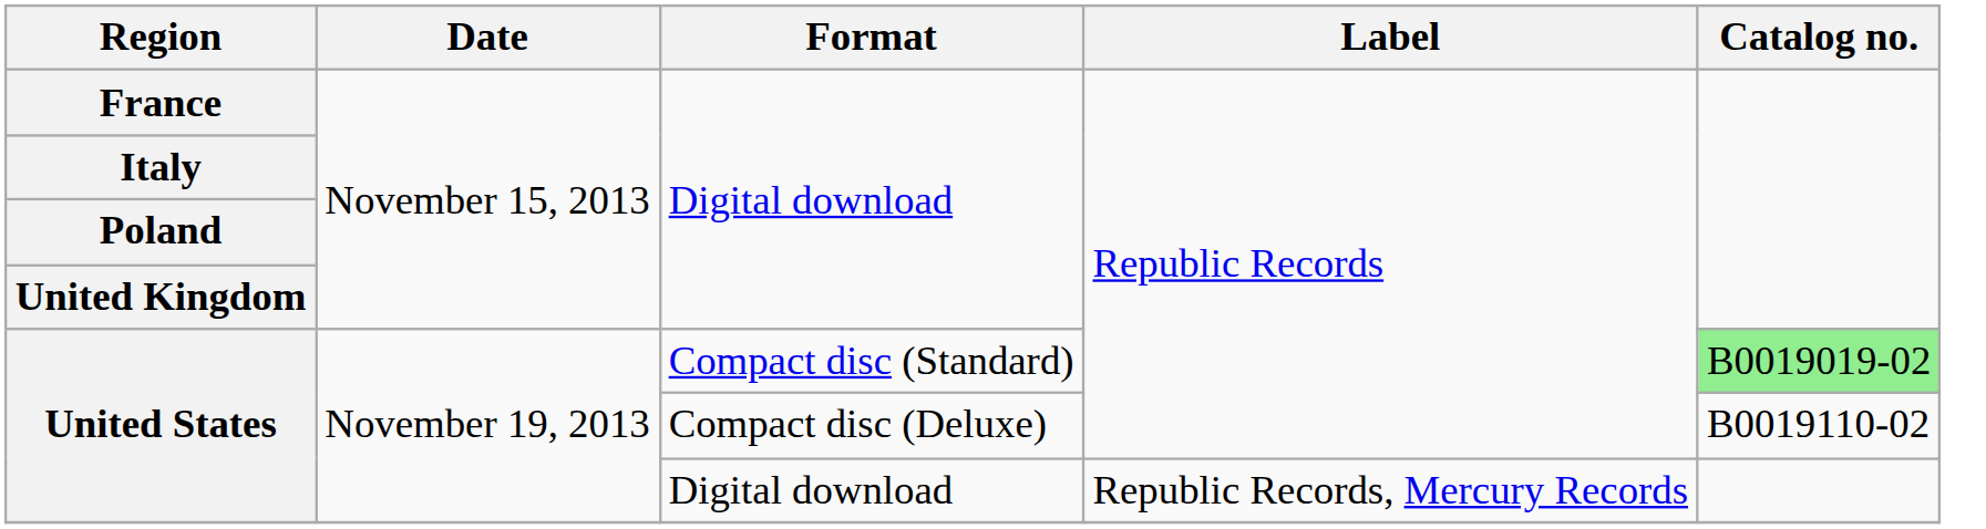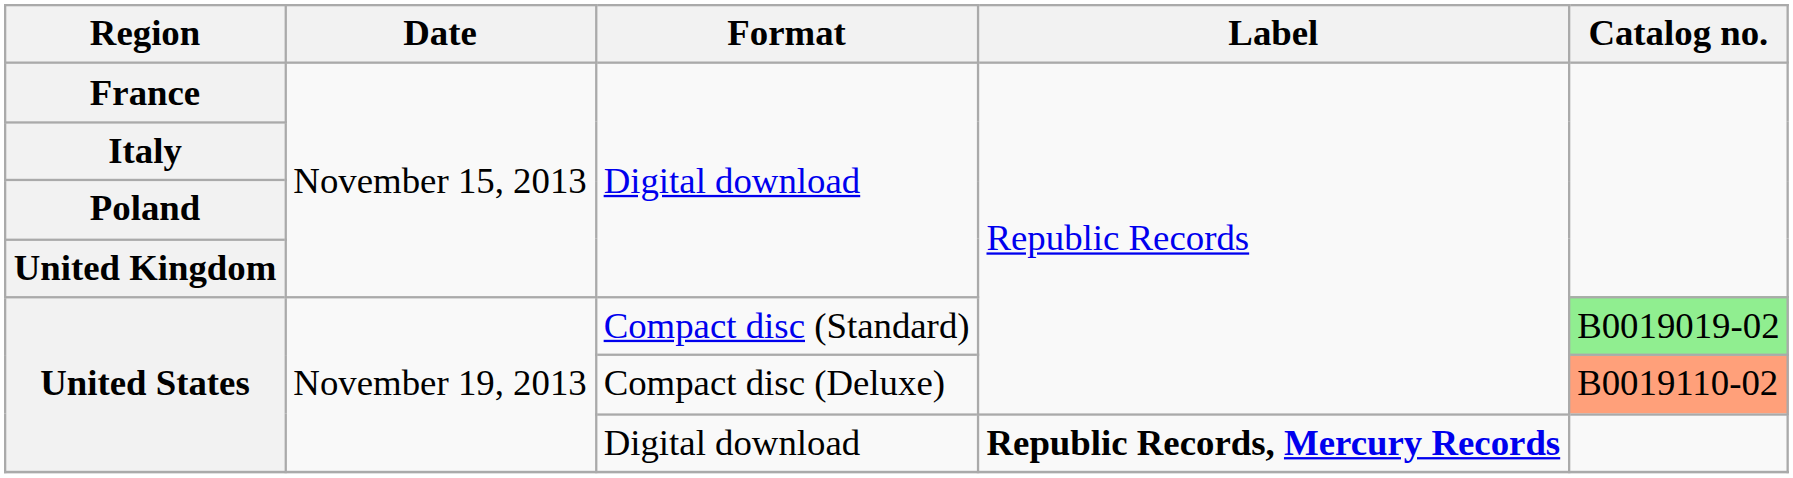 <table class="wikitable plainrowheaders">
 <tr>
 <th scope="col">Region</th>
 <th scope="col">Date</th>
 <th scope="col">Format</th>
 <th scope="col">Label</th>
 <th scope="col">Catalog no.</th>
 </tr>
 <tr>
 <th scope="row">France</th>
 <td rowspan="4">November 15, 2013</td>
 <td rowspan="4"><a href='#'>Digital download</a></td>
 <td rowspan="6"><a href='#'>Republic Records</a></td>
 <td rowspan="4"></td>
 </tr>
 <tr>
 <th scope="row">Italy</th>
 </tr>
 <tr>
 <th scope="row">Poland</th>
 </tr>
 <tr>
 <th scope="row">United Kingdom</th>
 </tr>
 <tr>
 <th scope="row" rowspan="3">United States</th>
 <td rowspan="3">November 19, 2013</td>
 <td><a href='#'>Compact disc</a> (Standard)</td>
 <td style="background: lightgreen;">B0019019-02</td>
 </tr>
 <tr>
 <td>Compact disc (Deluxe)</td>
-<td>B0019110-02</td>
+<td style="background: lightsalmon;">B0019110-02</td>
 </tr>
 <tr>
 <td>Digital download</td>
-<td>Republic Records, <a href='#'>Mercury Records</a></td>
+<td><strong>Republic Records, <a href='#'>Mercury Records</a></strong></td>
 <td></td>
 </tr>
 <tr>
 </tr>
 </table>
